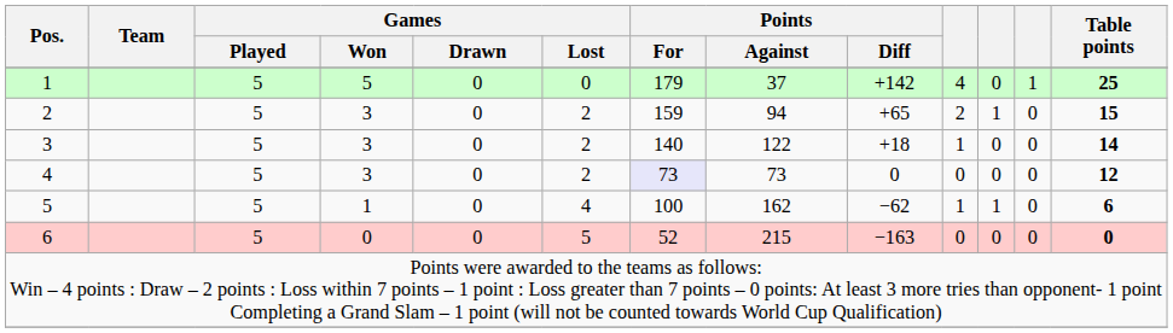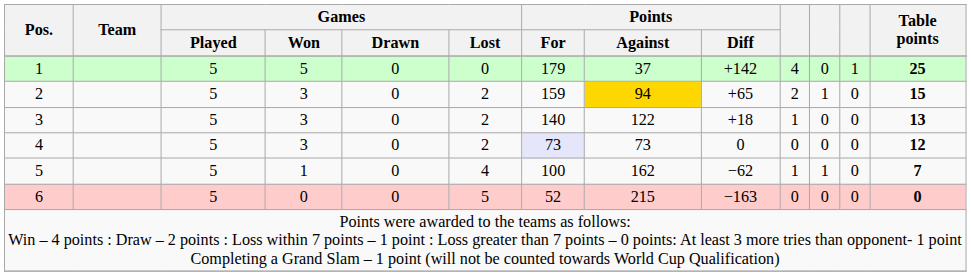 <table class="wikitable" style="text-align:center">
 <tr>
 <th rowspan="2">Pos.</th>
 <th rowspan="2">Team</th>
 <th colspan="4">Games</th>
 <th colspan="3">Points</th>
 <th rowspan="2"></th>
 <th rowspan="2"></th>
 <th rowspan="2"></th>
 <th rowspan="2">Table<br>points</th>
 </tr>
 <tr>
 <th>Played</th>
 <th>Won</th>
 <th>Drawn</th>
 <th>Lost</th>
 <th>For</th>
 <th>Against</th>
 <th>Diff</th>
 </tr>
 <tr>
 </tr>
 <tr align=center bgcolor=ccffcc>
 <td>1</td>
 <td align=left></td>
 <td>5</td>
 <td>5</td>
 <td>0</td>
 <td>0</td>
 <td>179</td>
 <td>37</td>
 <td>+142</td>
 <td>4</td>
 <td>0</td>
 <td>1</td>
 <td><strong>25</strong></td>
 </tr>
 <tr align=center>
 <td>2</td>
 <td align=left></td>
 <td>5</td>
 <td>3</td>
 <td>0</td>
 <td>2</td>
 <td>159</td>
-<td>94</td>
+<td style="background: gold;">94</td>
 <td>+65</td>
 <td>2</td>
 <td>1</td>
 <td>0</td>
 <td><strong>15</strong></td>
 </tr>
 <tr align=center>
 <td>3</td>
 <td align=left></td>
 <td>5</td>
 <td>3</td>
 <td>0</td>
 <td>2</td>
 <td>140</td>
 <td>122</td>
 <td>+18</td>
 <td>1</td>
 <td>0</td>
 <td>0</td>
-<td><strong>14</strong></td>
+<td><strong>13</strong></td>
 </tr>
 <tr align=center>
 <td>4</td>
 <td align=left></td>
 <td>5</td>
 <td>3</td>
 <td>0</td>
 <td>2</td>
 <td style="background: lavender;">73</td>
 <td>73</td>
 <td>0</td>
 <td>0</td>
 <td>0</td>
 <td>0</td>
 <td><strong>12</strong></td>
 </tr>
 <tr align=center>
 <td>5</td>
 <td align=left></td>
 <td>5</td>
 <td>1</td>
 <td>0</td>
 <td>4</td>
 <td>100</td>
 <td>162</td>
 <td>−62</td>
 <td>1</td>
 <td>1</td>
 <td>0</td>
-<td><strong>6</strong></td>
+<td><strong>7</strong></td>
 </tr>
 <tr align=center bgcolor="#ffcccc">
 <td>6</td>
 <td align=left></td>
 <td>5</td>
 <td>0</td>
 <td>0</td>
 <td>5</td>
 <td>52</td>
 <td>215</td>
 <td>−163</td>
 <td>0</td>
 <td>0</td>
 <td>0</td>
 <td><strong>0</strong></td>
 </tr>
 <tr>
 <td colspan="100%" style="text-align:center;">Points were awarded to the teams as follows:<br>Win – 4 points : Draw – 2 points  : Loss within 7 points – 1 point : Loss greater than 7 points – 0 points: At least 3 more tries than opponent- 1 point<br>Completing a Grand Slam – 1 point (will not be counted towards World Cup Qualification)</td>
 </tr>
 <tr>
 </tr>
 </table>
